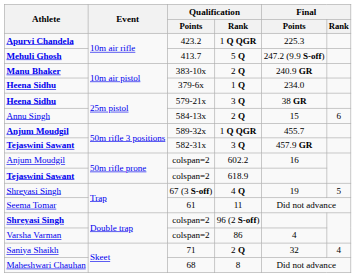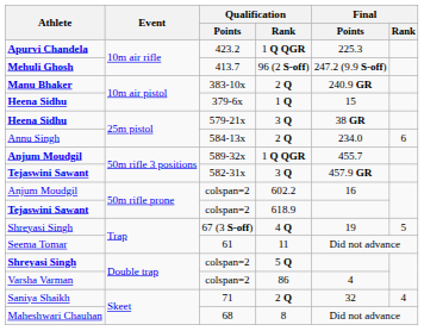 <table class=wikitable style=font-size:90%;text-align:center;>
 <tr>
 <th rowspan=2>Athlete</th>
 <th rowspan=2>Event</th>
 <th colspan=2>Qualification</th>
 <th colspan=2>Final</th>
 </tr>
 <tr style="font-size:95%">
 <th>Points</th>
 <th>Rank</th>
 <th>Points</th>
 <th>Rank</th>
 </tr>
 <tr>
 <td align=left><strong><a href='#'>Apurvi Chandela</a></strong></td>
 <td align=left rowspan="2"><a href='#'>10m air rifle</a></td>
 <td>423.2</td>
 <td>1 <strong>Q</strong> <strong>QGR</strong></td>
 <td>225.3</td>
 <td></td>
 </tr>
 <tr>
 <td align=left><strong><a href='#'>Mehuli Ghosh</a></strong></td>
 <td>413.7</td>
-<td>5 <strong>Q</strong></td>
+<td>96 (2 <strong>S-off</strong>)</td>
 <td>247.2 (9.9 <strong>S-off</strong>)</td>
 <td></td>
 </tr>
 <tr>
 <td align=left><strong><a href='#'>Manu Bhaker</a></strong></td>
 <td align=left rowspan="2"><a href='#'>10m air pistol</a></td>
 <td>383-10x</td>
 <td>2 <strong>Q</strong></td>
 <td>240.9 <strong>GR</strong></td>
 <td></td>
 </tr>
 <tr>
 <td align=left><strong><a href='#'>Heena Sidhu</a></strong></td>
 <td>379-6x</td>
 <td>1 <strong>Q</strong></td>
-<td>234.0</td>
+<td>15</td>
 <td></td>
 </tr>
 <tr>
 <td align=left><strong><a href='#'>Heena Sidhu</a></strong></td>
 <td align=left rowspan="2"><a href='#'>25m pistol</a></td>
 <td>579-21x</td>
 <td>3 <strong>Q</strong></td>
 <td>38 <strong>GR</strong></td>
 <td></td>
 </tr>
 <tr>
 <td align=left><a href='#'>Annu Singh</a></td>
 <td>584-13x</td>
 <td>2 <strong>Q</strong></td>
-<td>15</td>
+<td>234.0</td>
 <td>6</td>
 </tr>
 <tr>
 <td align=left><strong><a href='#'>Anjum Moudgil</a></strong></td>
 <td align=left rowspan="2"><a href='#'>50m rifle 3 positions</a></td>
 <td>589-32x</td>
 <td>1 <strong>Q</strong> <strong>QGR</strong></td>
 <td>455.7</td>
 <td></td>
 </tr>
 <tr>
 <td align=left><strong><a href='#'>Tejaswini Sawant</a></strong></td>
 <td>582-31x</td>
 <td>3 <strong>Q</strong></td>
 <td>457.9 <strong>GR</strong></td>
 <td></td>
 </tr>
 <tr>
 <td align=left><a href='#'>Anjum Moudgil</a></td>
 <td align=left rowspan="2"><a href='#'>50m rifle prone</a></td>
 <td>colspan=2 </td>
 <td>602.2</td>
 <td>16</td>
 </tr>
 <tr>
 <td align=left><strong><a href='#'>Tejaswini Sawant</a></strong></td>
 <td>colspan=2 </td>
 <td>618.9</td>
 <td></td>
 </tr>
 <tr>
 <td align=left><a href='#'>Shreyasi Singh</a></td>
 <td align=left rowspan="2"><a href='#'>Trap</a></td>
 <td>67 (3 <strong>S-off</strong>)</td>
 <td>4 <strong>Q</strong></td>
 <td>19</td>
 <td>5</td>
 </tr>
 <tr>
 <td align=left><a href='#'>Seema Tomar</a></td>
 <td>61</td>
 <td>11</td>
 <td colspan=2>Did not advance</td>
 </tr>
 <tr>
 <td align=left><strong><a href='#'>Shreyasi Singh</a></strong></td>
 <td align=left rowspan="2"><a href='#'>Double trap</a></td>
 <td>colspan=2 </td>
-<td>96 (2 <strong>S-off</strong>)</td>
+<td>5 <strong>Q</strong></td>
 <td></td>
 </tr>
 <tr>
 <td align=left><a href='#'>Varsha Varman</a></td>
 <td>colspan=2 </td>
 <td>86</td>
 <td>4</td>
 </tr>
 <tr>
 <td align=left><a href='#'>Saniya Shaikh</a></td>
 <td align=left rowspan="2"><a href='#'>Skeet</a></td>
 <td>71</td>
 <td>2 <strong>Q</strong></td>
 <td>32</td>
 <td>4</td>
 </tr>
 <tr>
 <td align=left><a href='#'>Maheshwari Chauhan</a></td>
 <td>68</td>
 <td>8</td>
 <td colspan=2>Did not advance</td>
 </tr>
 </table>
